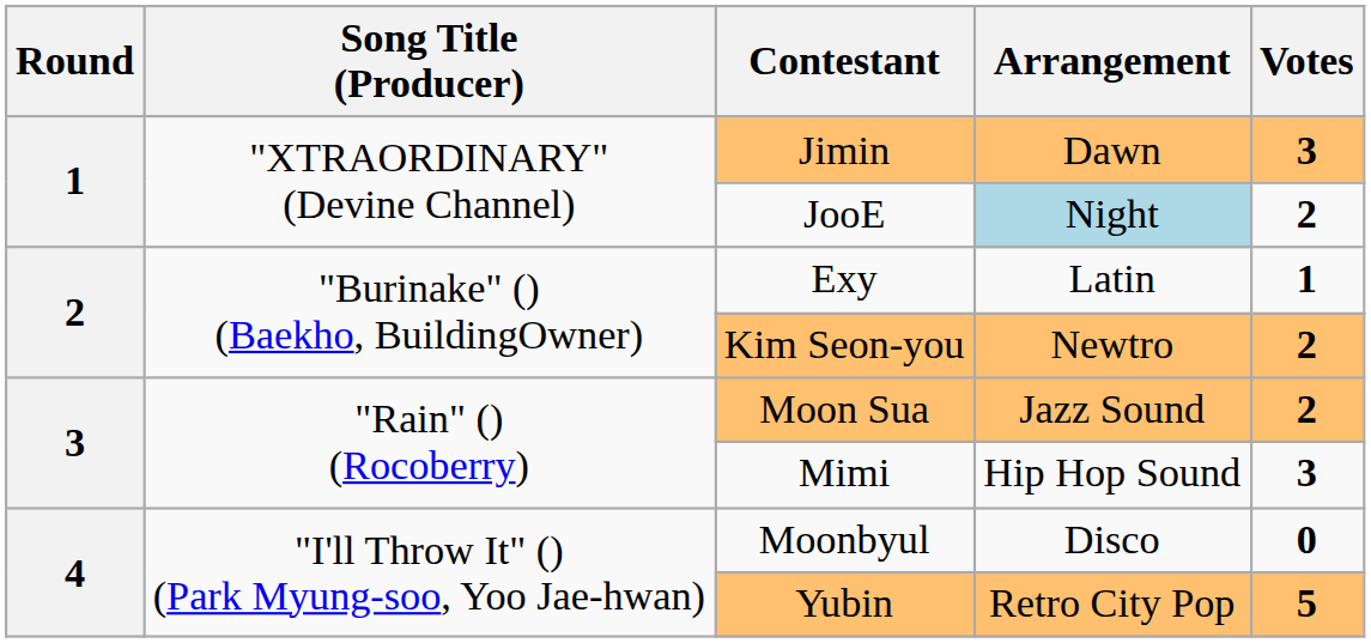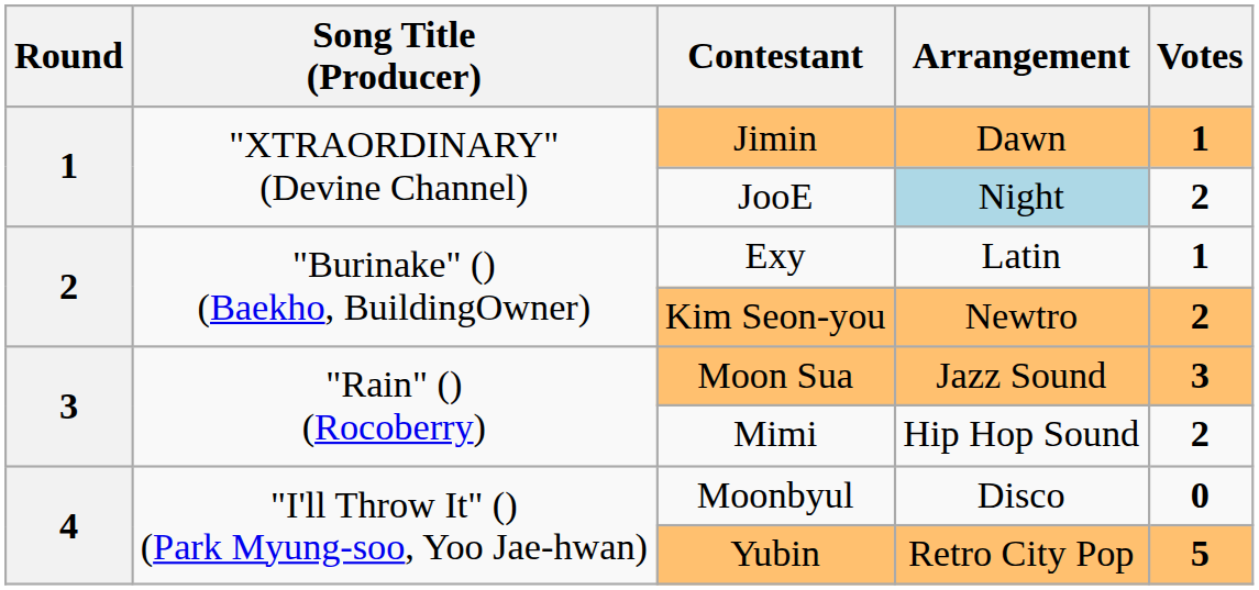 <table class="wikitable plainrowheaders sortable" style="text-align:center;">
 <tr>
 <th scope="col">Round</th>
 <th>Song Title<br>(Producer)</th>
 <th scope="col">Contestant</th>
 <th>Arrangement</th>
 <th>Votes</th>
 </tr>
 <tr>
 <th rowspan="2">1</th>
 <td rowspan="2">"XTRAORDINARY"<br>(Devine Channel)</td>
 <td style="background:#FFC06F">Jimin</td>
 <td style="background:#FFC06F">Dawn</td>
-<td style="background:#FFC06F"><strong>3</strong></td>
+<td style="background:#FFC06F"><strong>1</strong></td>
 </tr>
 <tr>
 <td>JooE</td>
 <td style="background: lightblue;">Night</td>
 <td><strong>2</strong></td>
 </tr>
 <tr>
 <th rowspan="2">2</th>
 <td rowspan="2">"Burinake" ()<br>(<a href='#'>Baekho</a>, BuildingOwner)</td>
 <td>Exy</td>
 <td>Latin</td>
 <td><strong>1</strong></td>
 </tr>
 <tr>
 <td style="background:#FFC06F">Kim Seon-you</td>
 <td style="background:#FFC06F">Newtro</td>
 <td style="background:#FFC06F"><strong>2</strong></td>
 </tr>
 <tr>
 <th rowspan="2">3</th>
 <td rowspan="2">"Rain" ()<br>(<a href='#'>Rocoberry</a>)</td>
 <td style="background:#FFC06F">Moon Sua</td>
 <td style="background:#FFC06F">Jazz Sound</td>
-<td style="background:#FFC06F"><strong>2</strong></td>
+<td style="background:#FFC06F"><strong>3</strong></td>
 </tr>
 <tr>
 <td>Mimi</td>
 <td>Hip Hop Sound</td>
-<td><strong>3</strong></td>
+<td><strong>2</strong></td>
 </tr>
 <tr>
 <th rowspan="2">4</th>
 <td rowspan="2">"I'll Throw It" ()<br>(<a href='#'>Park Myung-soo</a>, Yoo Jae-hwan)</td>
 <td>Moonbyul</td>
 <td>Disco</td>
 <td><strong>0</strong></td>
 </tr>
 <tr>
 <td style="background:#FFC06F">Yubin</td>
 <td style="background:#FFC06F">Retro City Pop</td>
 <td style="background:#FFC06F"><strong>5</strong></td>
 </tr>
 </table>
